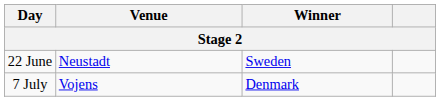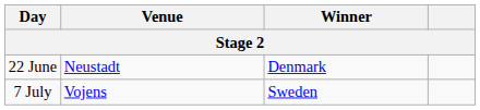 <table class=wikitable>
 <tr>
 <th>Day</th>
 <th width=200px>Venue</th>
 <th width=160px>Winner</th>
 <th width=40px></th>
 </tr>
 <tr>
 <th colspan=4>Stage 2</th>
 </tr>
 <tr>
 <td align=center>22 June</td>
 <td> <a href='#'>Neustadt</a></td>
-<td> <a href='#'>Sweden</a></td>
+<td> <a href='#'>Denmark</a></td>
 <td align=center></td>
 </tr>
 <tr>
 <td align=center>7 July</td>
 <td> <a href='#'>Vojens</a></td>
-<td> <a href='#'>Denmark</a></td>
+<td> <a href='#'>Sweden</a></td>
 <td align=center></td>
 </tr>
 </table>
